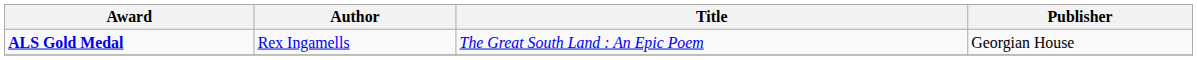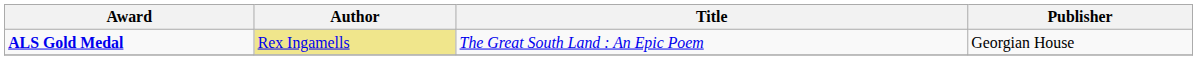 <table class="wikitable" width=95%>
 <tr>
 <th>Award</th>
 <th>Author</th>
 <th>Title</th>
 <th>Publisher</th>
 </tr>
 <tr>
 <td><strong><a href='#'>ALS Gold Medal</a></strong></td>
-<td><a href='#'>Rex Ingamells</a></td>
+<td style="background: khaki;"><a href='#'>Rex Ingamells</a></td>
 <td><em><a href='#'>The Great South Land : An Epic Poem</a></em></td>
 <td>Georgian House</td>
 </tr>
 <tr>
 </tr>
 </table>
